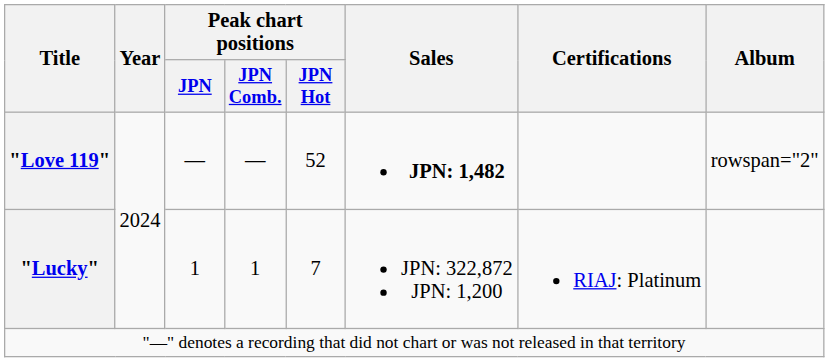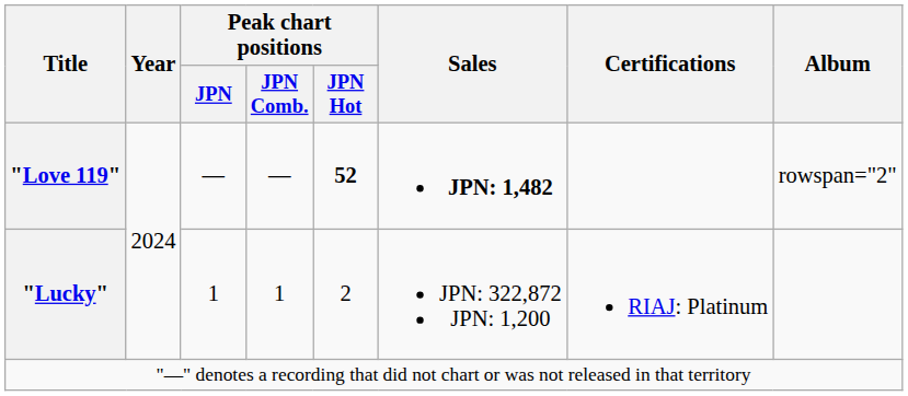 <table class="wikitable plainrowheaders" style="text-align:center">
 <tr>
 <th scope="col" rowspan="2">Title</th>
 <th scope="col" rowspan="2">Year</th>
 <th scope="col" colspan="3">Peak chart positions</th>
 <th scope="col" rowspan="2">Sales</th>
 <th scope="col" rowspan="2">Certifications</th>
 <th scope="col" rowspan="2">Album</th>
 </tr>
 <tr>
 <th scope="col" style="font-size:90%; width:2.75em"><a href='#'>JPN</a><br></th>
 <th scope="col" style="font-size:90%; width:2.75em"><a href='#'>JPN<br>Comb.</a><br></th>
 <th scope="col" style="font-size:90%; width:2.75em"><a href='#'>JPN<br>Hot</a><br></th>
 </tr>
 <tr>
 <th scope="row">"<a href='#'>Love 119</a>"</th>
 <td rowspan="2">2024</td>
 <td>—</td>
 <td>—</td>
-<td>52</td>
+<td><strong>52</strong></td>
 <td><strong><br><ul><li>JPN: 1,482 </li></ul></strong></td>
 <td></td>
 <td>rowspan="2" </td>
 </tr>
 <tr>
 <th scope="row">"<a href='#'>Lucky</a>"</th>
 <td>1</td>
 <td>1</td>
-<td>7</td>
+<td>2</td>
 <td><br><ul><li>JPN: 322,872 </li><li>JPN: 1,200 </li></ul></td>
 <td><br><ul><li><a href='#'>RIAJ</a>: Platinum </li></ul></td>
 </tr>
 <tr>
 <td colspan="8" style="font-size:85%">"—" denotes a recording that did not chart or was not released in that territory</td>
 </tr>
 </table>
